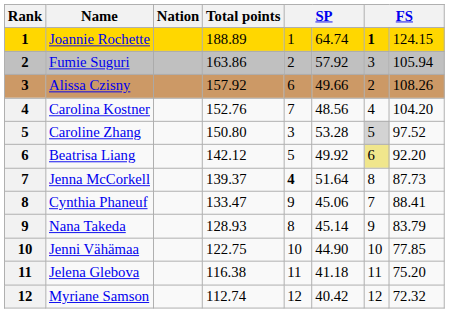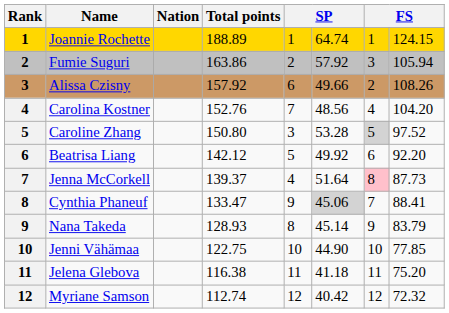 <table class="wikitable">
 <tr>
 <th>Rank</th>
 <th>Name</th>
 <th>Nation</th>
 <th>Total points</th>
 <th colspan="2" width="80px"><a href='#'>SP</a></th>
 <th colspan="2" width="80px"><a href='#'>FS</a></th>
 </tr>
 <tr bgcolor="gold">
 <td align="center"><strong>1</strong></td>
 <td><a href='#'>Joannie Rochette</a></td>
 <td></td>
 <td>188.89</td>
 <td>1</td>
 <td>64.74</td>
-<td><strong>1</strong></td>
+<td>1</td>
 <td>124.15</td>
 </tr>
 <tr bgcolor="silver">
 <td align="center"><strong>2</strong></td>
 <td><a href='#'>Fumie Suguri</a></td>
 <td></td>
 <td>163.86</td>
 <td>2</td>
 <td>57.92</td>
 <td>3</td>
 <td>105.94</td>
 </tr>
 <tr bgcolor="cc9966">
 <td align="center"><strong>3</strong></td>
 <td><a href='#'>Alissa Czisny</a></td>
 <td></td>
 <td>157.92</td>
 <td>6</td>
 <td>49.66</td>
 <td>2</td>
 <td>108.26</td>
 </tr>
 <tr>
 <th>4</th>
 <td><a href='#'>Carolina Kostner</a></td>
 <td></td>
 <td>152.76</td>
 <td>7</td>
 <td>48.56</td>
 <td>4</td>
 <td>104.20</td>
 </tr>
 <tr>
 <th>5</th>
 <td><a href='#'>Caroline Zhang</a></td>
 <td></td>
 <td>150.80</td>
 <td>3</td>
 <td>53.28</td>
 <td style="background: lightgrey;">5</td>
 <td>97.52</td>
 </tr>
 <tr>
 <th>6</th>
 <td><a href='#'>Beatrisa Liang</a></td>
 <td></td>
 <td>142.12</td>
 <td>5</td>
 <td>49.92</td>
-<td style="background: khaki;">6</td>
+<td>6</td>
 <td>92.20</td>
 </tr>
 <tr>
 <th>7</th>
 <td><a href='#'>Jenna McCorkell</a></td>
 <td></td>
 <td>139.37</td>
-<td><strong>4</strong></td>
+<td>4</td>
 <td>51.64</td>
-<td>8</td>
+<td style="background: pink;">8</td>
 <td>87.73</td>
 </tr>
 <tr>
 <th>8</th>
 <td><a href='#'>Cynthia Phaneuf</a></td>
 <td></td>
 <td>133.47</td>
 <td>9</td>
-<td>45.06</td>
+<td style="background: lightgrey;">45.06</td>
 <td>7</td>
 <td>88.41</td>
 </tr>
 <tr>
 <th>9</th>
 <td><a href='#'>Nana Takeda</a></td>
 <td></td>
 <td>128.93</td>
 <td>8</td>
 <td>45.14</td>
 <td>9</td>
 <td>83.79</td>
 </tr>
 <tr>
 <th>10</th>
 <td><a href='#'>Jenni Vähämaa</a></td>
 <td></td>
 <td>122.75</td>
 <td>10</td>
 <td>44.90</td>
 <td>10</td>
 <td>77.85</td>
 </tr>
 <tr>
 <th>11</th>
 <td><a href='#'>Jelena Glebova</a></td>
 <td></td>
 <td>116.38</td>
 <td>11</td>
 <td>41.18</td>
 <td>11</td>
 <td>75.20</td>
 </tr>
 <tr>
 <th>12</th>
 <td><a href='#'>Myriane Samson</a></td>
 <td></td>
 <td>112.74</td>
 <td>12</td>
 <td>40.42</td>
 <td>12</td>
 <td>72.32</td>
 </tr>
 </table>
